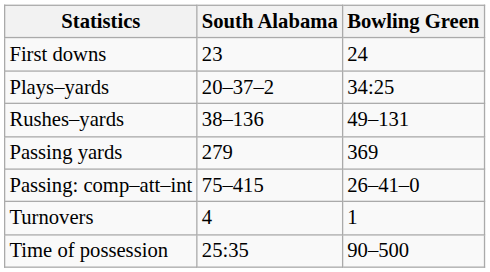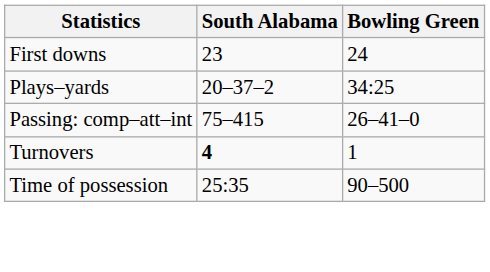 <table class="wikitable" style="float:left">
 <tr>
 <th>Statistics</th>
 <th>South Alabama</th>
 <th>Bowling Green</th>
 </tr>
 <tr>
 <td>First downs</td>
 <td>23</td>
 <td>24</td>
 </tr>
 <tr>
 <td>Plays–yards</td>
 <td>20–37–2</td>
 <td>34:25</td>
 </tr>
 <tr>
-<td>Rushes–yards</td>
-<td>38–136</td>
-<td>49–131</td>
-</tr>
-<tr>
-<td>Passing yards</td>
-<td>279</td>
-<td>369</td>
-</tr>
-<tr>
 <td>Passing: comp–att–int</td>
 <td>75–415</td>
 <td>26–41–0</td>
 </tr>
 <tr>
 <td>Turnovers</td>
-<td>4</td>
+<td><strong>4</strong></td>
 <td>1</td>
 </tr>
 <tr>
 <td>Time of possession</td>
 <td>25:35</td>
 <td>90–500</td>
 </tr>
 </table>
